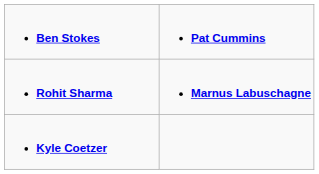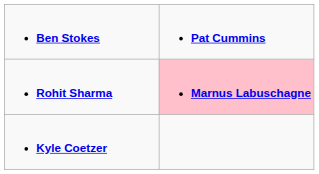 <table class=wikitable>
 <tr>
 <td valign="top" width="50%"><br><ul><li><strong> <a href='#'>Ben Stokes</a></strong></li></ul></td>
 <td valign="top" width="50%"><br><ul><li><strong> <a href='#'>Pat Cummins</a></strong></li></ul></td>
 </tr>
 <tr>
 <td valign="top" width="50%"><br><ul><li><strong> <a href='#'>Rohit Sharma</a></strong></li></ul></td>
-<td valign="top" width="50%"><br><ul><li><strong> <a href='#'>Marnus Labuschagne</a></strong></li></ul></td>
+<td valign="top" width="50%" style="background: pink;"><br><ul><li><strong> <a href='#'>Marnus Labuschagne</a></strong></li></ul></td>
 </tr>
 <tr>
 <td valign="top" width="50%"><br><ul><li><strong> <a href='#'>Kyle Coetzer</a></strong></li></ul></td>
 </tr>
 </table>
